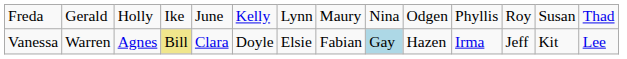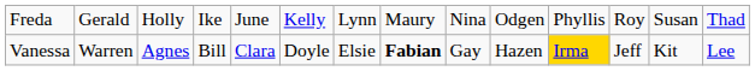 <table class="wikitable">
 <tr>
 <td>Freda</td>
 <td>Gerald</td>
 <td>Holly</td>
 <td>Ike</td>
 <td>June</td>
 <td><a href='#'>Kelly</a></td>
 <td>Lynn</td>
 <td>Maury</td>
 <td>Nina</td>
 <td>Odgen</td>
 <td>Phyllis</td>
 <td>Roy</td>
 <td>Susan</td>
 <td><a href='#'>Thad</a></td>
 </tr>
 <tr>
 <td>Vanessa</td>
 <td>Warren</td>
 <td><a href='#'>Agnes</a></td>
-<td style="background: khaki;">Bill</td>
+<td>Bill</td>
 <td><a href='#'>Clara</a></td>
 <td>Doyle</td>
 <td>Elsie</td>
-<td>Fabian</td>
-<td style="background: lightblue;">Gay</td>
+<td><strong>Fabian</strong></td>
+<td>Gay</td>
 <td>Hazen</td>
-<td><a href='#'>Irma</a></td>
+<td style="background: gold;"><a href='#'>Irma</a></td>
 <td>Jeff</td>
 <td>Kit</td>
 <td><a href='#'>Lee</a></td>
 </tr>
 </table>
